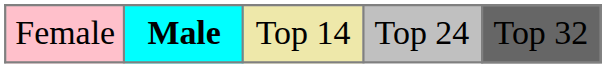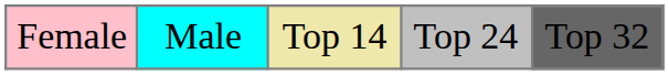 <table border="2" cellpadding="4" style="margin:1em auto; background:silver; border:1px solid grey; border-collapse:collapse; text-align:center;">
 <tr>
 </tr>
 <tr>
 <td style="background:pink;" width="20%">Female</td>
-<td style="background:cyan;" width="20%"><strong>Male</strong></td>
+<td style="background:cyan;" width="20%">Male</td>
 <td style="background:palegoldenrod;" width="20%">Top 14</td>
 <td style="background:CCCCCC;" width="20%">Top 24</td>
 <td bgcolor="666666" width="20%"><span>Top 32</span></td>
 </tr>
 </table>
